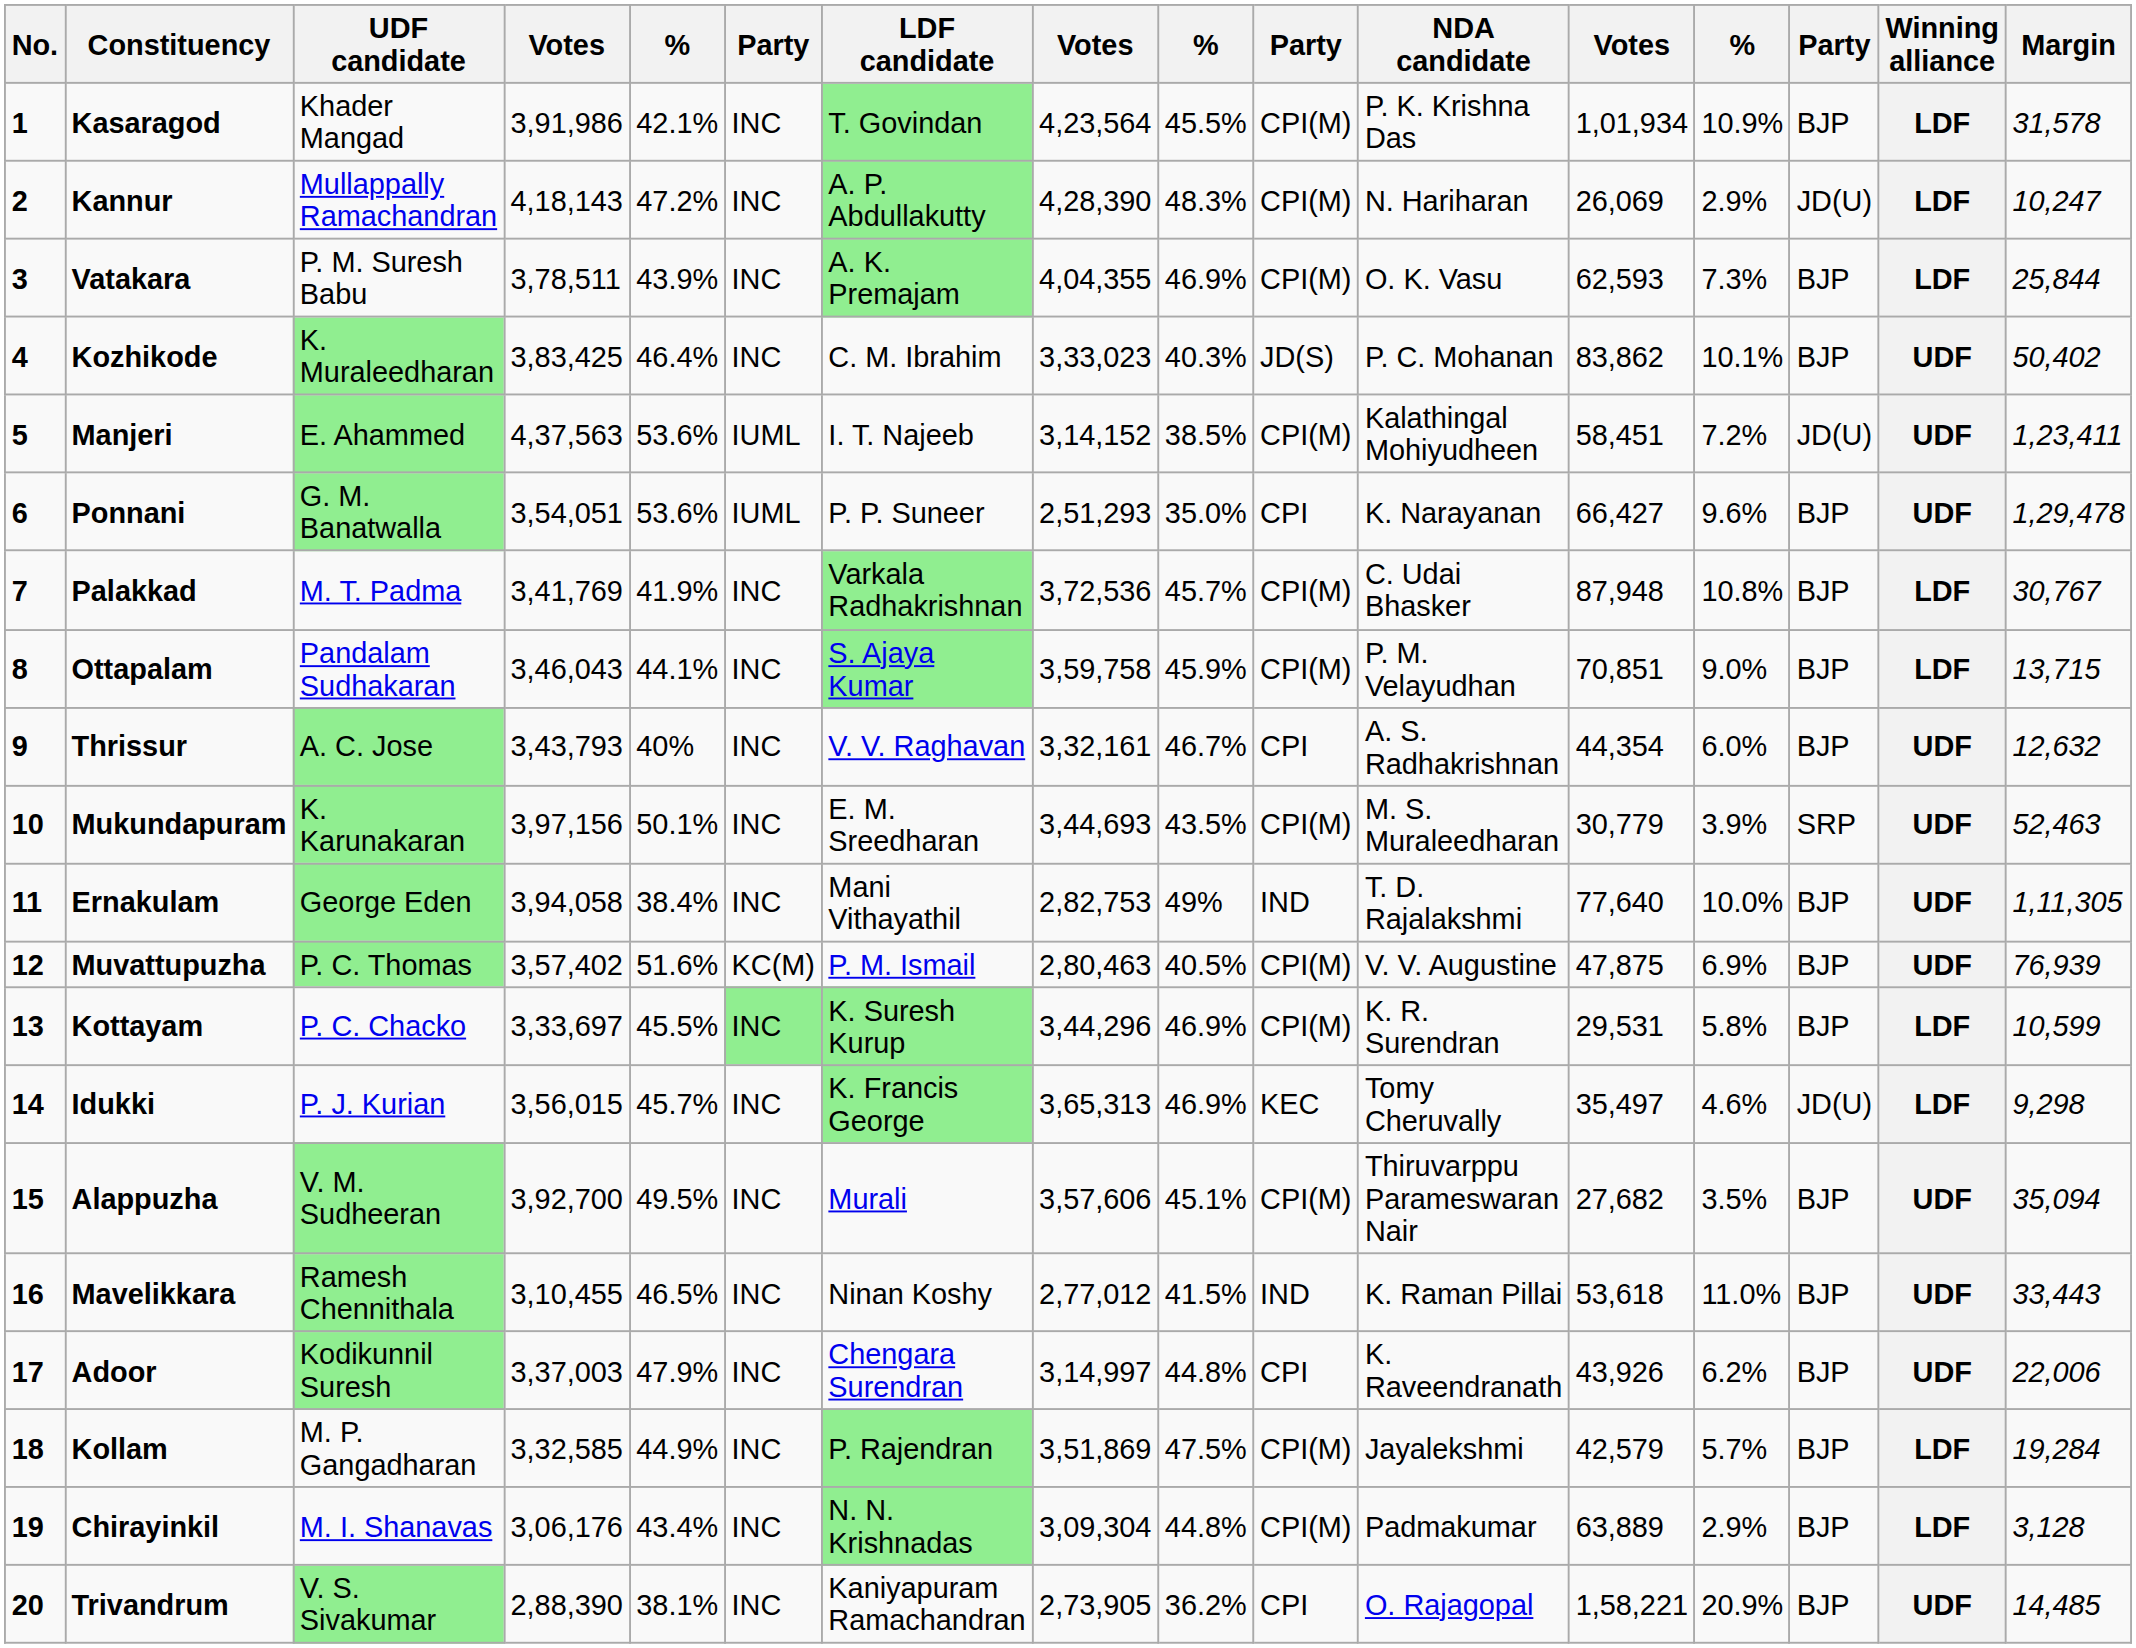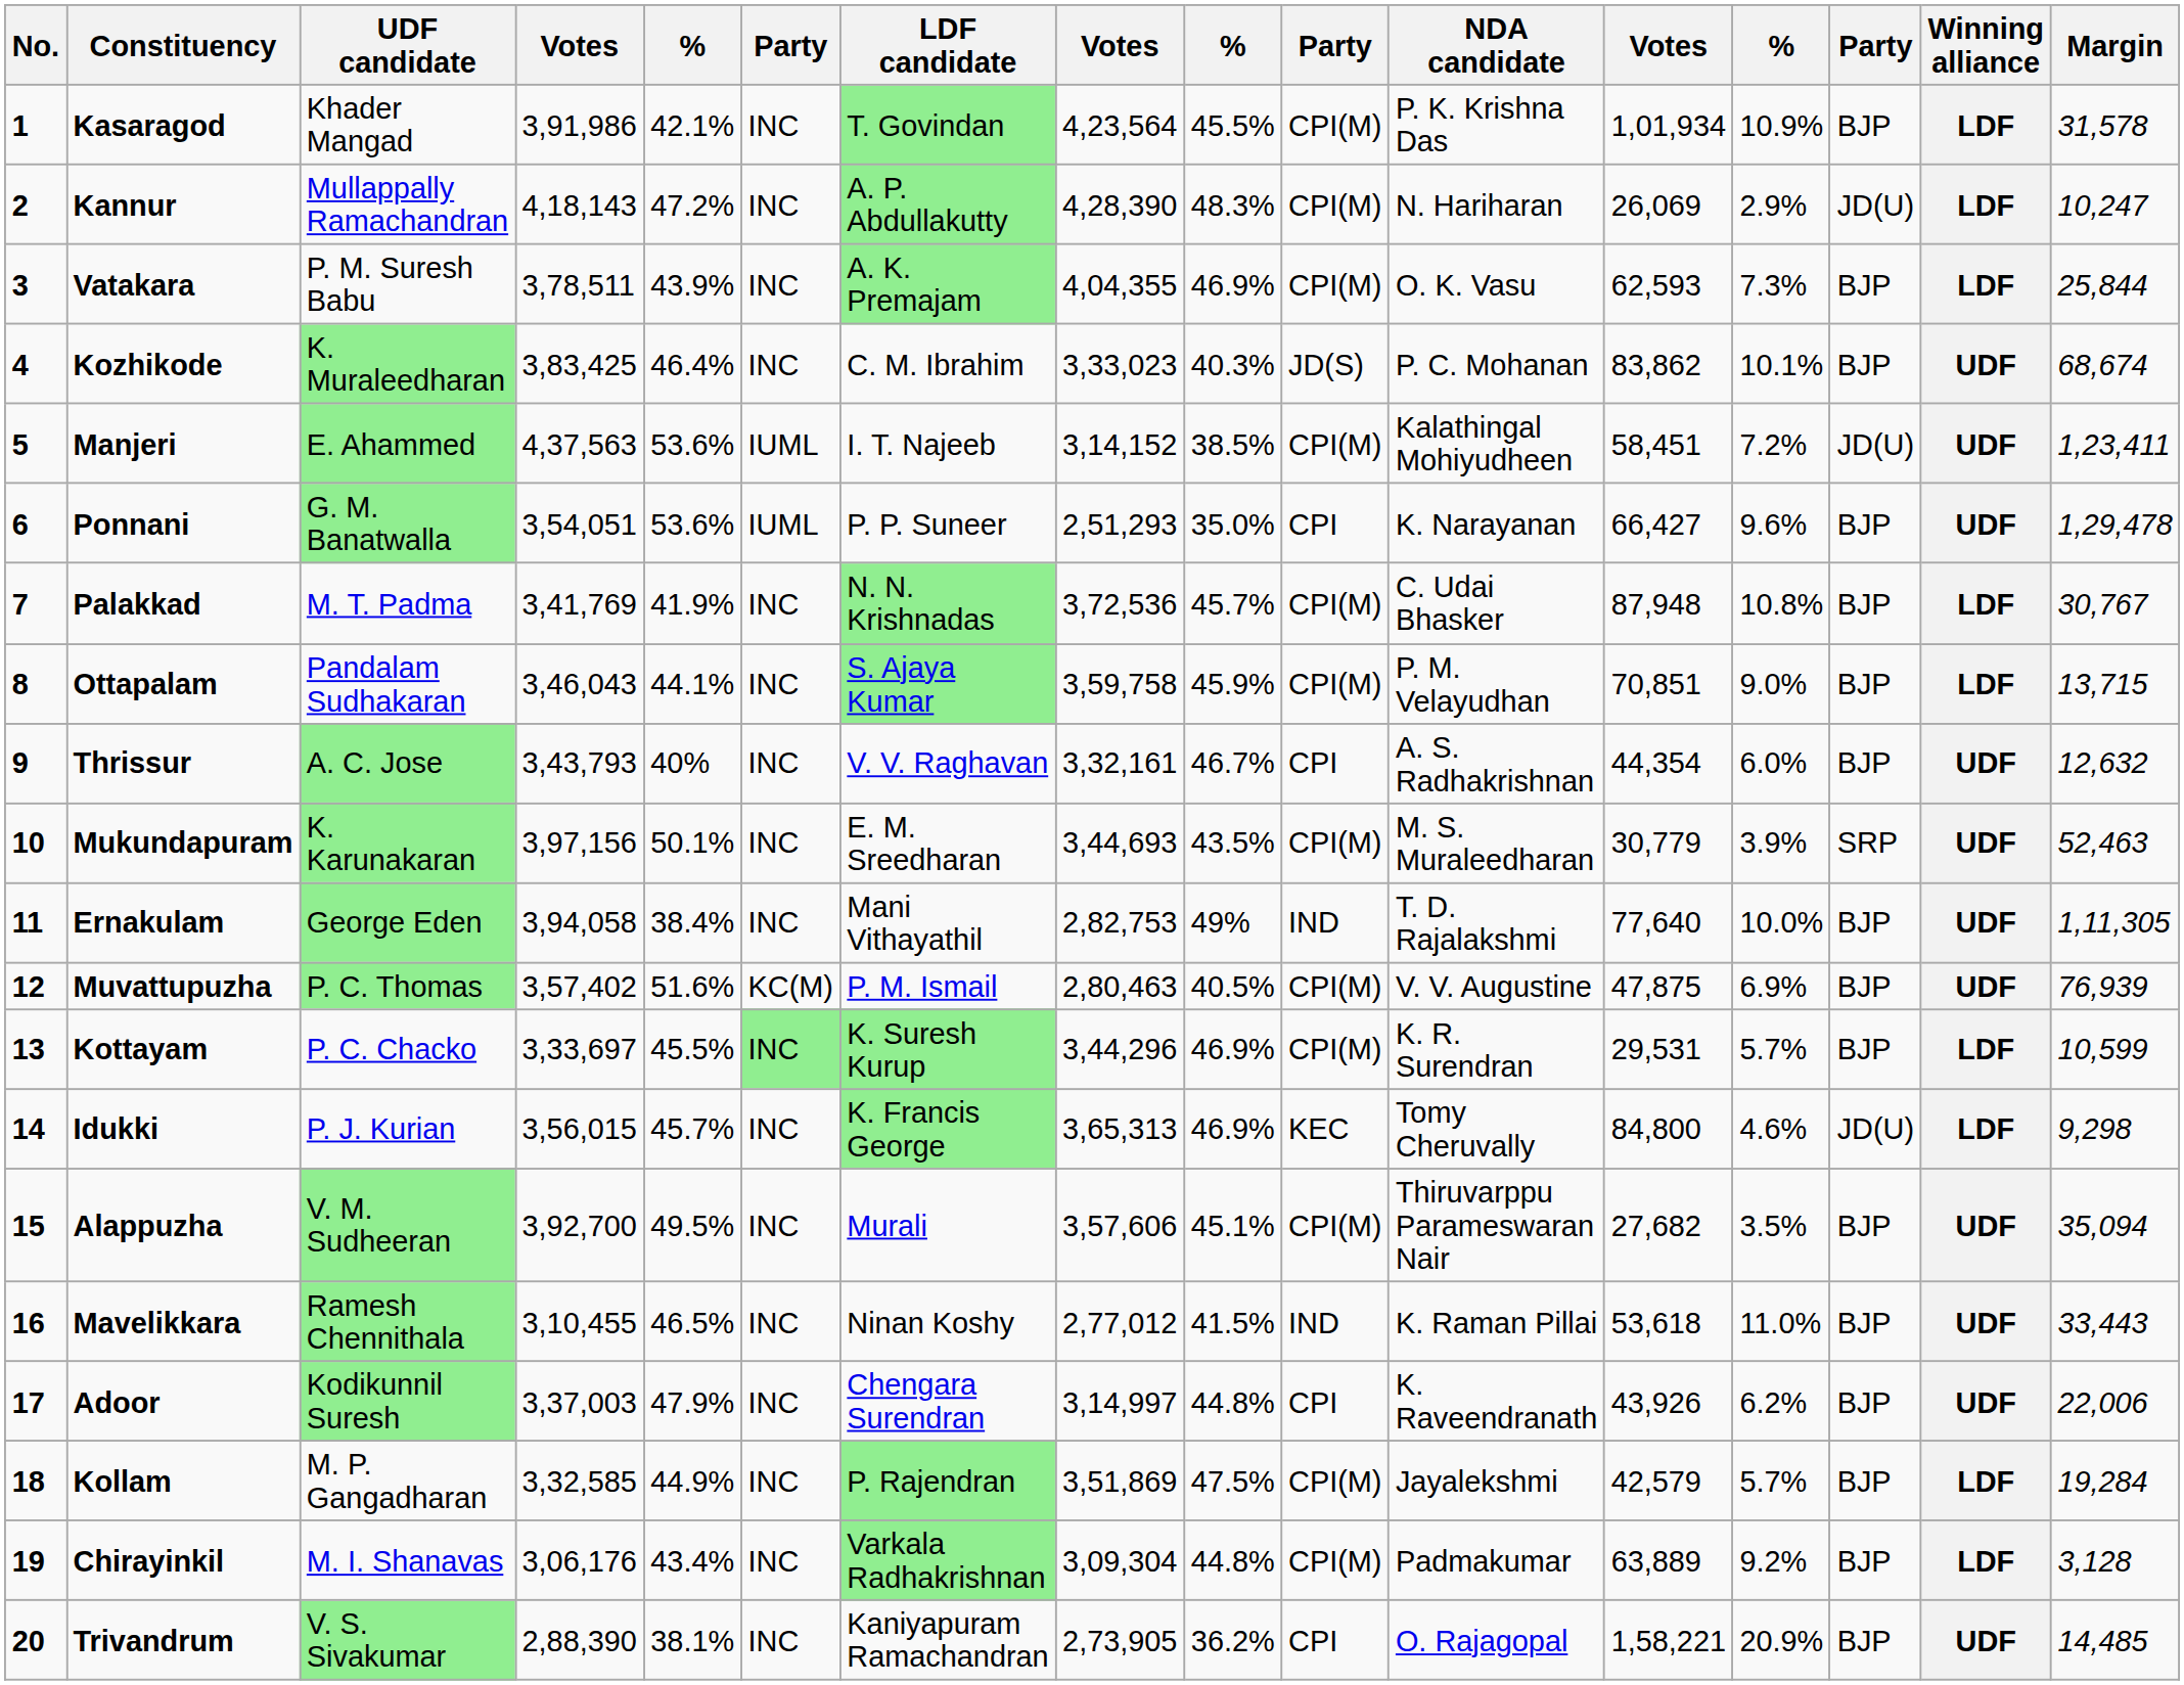 <table class="wikitable sortable" style="font-size:95%;">
 <tr>
 <th>No.</th>
 <th>Constituency</th>
 <th>UDF candidate</th>
 <th>Votes</th>
 <th>%</th>
 <th>Party</th>
 <th>LDF candidate</th>
 <th>Votes</th>
 <th>%</th>
 <th>Party</th>
 <th>NDA candidate</th>
 <th>Votes</th>
 <th>%</th>
 <th>Party</th>
 <th>Winning alliance</th>
 <th>Margin</th>
 </tr>
 <tr>
 <td><strong>1</strong></td>
 <td><strong>Kasaragod</strong></td>
 <td>Khader Mangad</td>
 <td>3,91,986</td>
 <td>42.1%</td>
 <td>INC</td>
 <td style="background:lightgreen;">T. Govindan</td>
 <td>4,23,564</td>
 <td>45.5%</td>
 <td>CPI(M)</td>
 <td>P. K. Krishna Das</td>
 <td>1,01,934</td>
 <td>10.9%</td>
 <td>BJP</td>
 <th style="background:">LDF</th>
 <td><em>31,578</em></td>
 </tr>
 <tr>
 <td><strong>2</strong></td>
 <td><strong>Kannur</strong></td>
 <td><a href='#'>Mullappally Ramachandran</a></td>
 <td>4,18,143</td>
 <td>47.2%</td>
 <td>INC</td>
 <td style="background:lightgreen;">A. P. Abdullakutty</td>
 <td>4,28,390</td>
 <td>48.3%</td>
 <td>CPI(M)</td>
 <td>N. Hariharan</td>
 <td>26,069</td>
 <td>2.9%</td>
 <td>JD(U)</td>
 <th style="background:">LDF</th>
 <td><em>10,247</em></td>
 </tr>
 <tr>
 <td><strong>3</strong></td>
 <td><strong>Vatakara</strong></td>
 <td>P. M. Suresh Babu</td>
 <td>3,78,511</td>
 <td>43.9%</td>
 <td>INC</td>
 <td style="background:lightgreen;">A. K. Premajam</td>
 <td>4,04,355</td>
 <td>46.9%</td>
 <td>CPI(M)</td>
 <td>O. K. Vasu</td>
 <td>62,593</td>
 <td>7.3%</td>
 <td>BJP</td>
 <th style="background:">LDF</th>
 <td><em>25,844</em></td>
 </tr>
 <tr>
 <td><strong>4</strong></td>
 <td><strong>Kozhikode</strong></td>
 <td style="background:lightgreen;">K. Muraleedharan</td>
 <td>3,83,425</td>
 <td>46.4%</td>
 <td>INC</td>
 <td>C. M. Ibrahim</td>
 <td>3,33,023</td>
 <td>40.3%</td>
 <td>JD(S)</td>
 <td>P. C. Mohanan</td>
 <td>83,862</td>
 <td>10.1%</td>
 <td>BJP</td>
 <th style="background:">UDF</th>
-<td><em>50,402</em></td>
+<td><em>68,674</em></td>
 </tr>
 <tr>
 <td><strong>5</strong></td>
 <td><strong>Manjeri</strong></td>
 <td style="background:lightgreen;">E. Ahammed</td>
 <td>4,37,563</td>
 <td>53.6%</td>
 <td>IUML</td>
 <td>I. T. Najeeb</td>
 <td>3,14,152</td>
 <td>38.5%</td>
 <td>CPI(M)</td>
 <td>Kalathingal Mohiyudheen</td>
 <td>58,451</td>
 <td>7.2%</td>
 <td>JD(U)</td>
 <th style="background:">UDF</th>
 <td><em>1,23,411</em></td>
 </tr>
 <tr>
 <td><strong>6</strong></td>
 <td><strong>Ponnani</strong></td>
 <td style="background:lightgreen;">G. M. Banatwalla</td>
 <td>3,54,051</td>
 <td>53.6%</td>
 <td>IUML</td>
 <td>P. P. Suneer</td>
 <td>2,51,293</td>
 <td>35.0%</td>
 <td>CPI</td>
 <td>K. Narayanan</td>
 <td>66,427</td>
 <td>9.6%</td>
 <td>BJP</td>
 <th style="background:">UDF</th>
 <td><em>1,29,478</em></td>
 </tr>
 <tr>
 <td><strong>7</strong></td>
 <td><strong>Palakkad</strong></td>
 <td><a href='#'>M. T. Padma</a></td>
 <td>3,41,769</td>
 <td>41.9%</td>
 <td>INC</td>
-<td style="background:lightgreen;">Varkala Radhakrishnan</td>
+<td style="background:lightgreen;">N. N. Krishnadas</td>
 <td>3,72,536</td>
 <td>45.7%</td>
 <td>CPI(M)</td>
 <td>C. Udai Bhasker</td>
 <td>87,948</td>
 <td>10.8%</td>
 <td>BJP</td>
 <th style="background:">LDF</th>
 <td><em>30,767</em></td>
 </tr>
 <tr>
 <td><strong>8</strong></td>
 <td><strong>Ottapalam</strong></td>
 <td><a href='#'>Pandalam Sudhakaran</a></td>
 <td>3,46,043</td>
 <td>44.1%</td>
 <td>INC</td>
 <td style="background:lightgreen;"><a href='#'>S. Ajaya Kumar</a></td>
 <td>3,59,758</td>
 <td>45.9%</td>
 <td>CPI(M)</td>
 <td>P. M. Velayudhan</td>
 <td>70,851</td>
 <td>9.0%</td>
 <td>BJP</td>
 <th style="background:">LDF</th>
 <td><em>13,715</em></td>
 </tr>
 <tr>
 <td><strong>9</strong></td>
 <td><strong>Thrissur</strong></td>
 <td style="background:lightgreen;">A. C. Jose</td>
 <td>3,43,793</td>
 <td>40%</td>
 <td>INC</td>
 <td><a href='#'>V. V. Raghavan</a></td>
 <td>3,32,161</td>
 <td>46.7%</td>
 <td>CPI</td>
 <td>A. S. Radhakrishnan</td>
 <td>44,354</td>
 <td>6.0%</td>
 <td>BJP</td>
 <th style="background:">UDF</th>
 <td><em>12,632</em></td>
 </tr>
 <tr>
 <td><strong>10</strong></td>
 <td><strong>Mukundapuram</strong></td>
 <td style="background:lightgreen;">K. Karunakaran</td>
 <td>3,97,156</td>
 <td>50.1%</td>
 <td>INC</td>
 <td>E. M. Sreedharan</td>
 <td>3,44,693</td>
 <td>43.5%</td>
 <td>CPI(M)</td>
 <td>M. S. Muraleedharan</td>
 <td>30,779</td>
 <td>3.9%</td>
 <td>SRP</td>
 <th style="background:">UDF</th>
 <td><em>52,463</em></td>
 </tr>
 <tr>
 <td><strong>11</strong></td>
 <td><strong>Ernakulam</strong></td>
 <td style="background:lightgreen;">George Eden</td>
 <td>3,94,058</td>
 <td>38.4%</td>
 <td>INC</td>
 <td>Mani Vithayathil</td>
 <td>2,82,753</td>
 <td>49%</td>
 <td>IND</td>
 <td>T. D. Rajalakshmi</td>
 <td>77,640</td>
 <td>10.0%</td>
 <td>BJP</td>
 <th style="background:">UDF</th>
 <td><em>1,11,305</em></td>
 </tr>
 <tr>
 <td><strong>12</strong></td>
 <td><strong>Muvattupuzha</strong></td>
 <td style="background:lightgreen;">P. C. Thomas</td>
 <td>3,57,402</td>
 <td>51.6%</td>
 <td>KC(M)</td>
 <td><a href='#'>P. M. Ismail</a></td>
 <td>2,80,463</td>
 <td>40.5%</td>
 <td>CPI(M)</td>
 <td>V. V. Augustine</td>
 <td>47,875</td>
 <td>6.9%</td>
 <td>BJP</td>
 <th style="background:">UDF</th>
 <td><em>76,939</em></td>
 </tr>
 <tr>
 <td><strong>13</strong></td>
 <td><strong>Kottayam</strong></td>
 <td><a href='#'>P. C. Chacko</a></td>
 <td>3,33,697</td>
 <td>45.5%</td>
 <td style="background: lightgreen;">INC</td>
 <td style="background:lightgreen;">K. Suresh Kurup</td>
 <td>3,44,296</td>
 <td>46.9%</td>
 <td>CPI(M)</td>
 <td>K. R. Surendran</td>
 <td>29,531</td>
-<td>5.8%</td>
+<td>5.7%</td>
 <td>BJP</td>
 <th style="background:">LDF</th>
 <td><em>10,599</em></td>
 </tr>
 <tr>
 <td><strong>14</strong></td>
 <td><strong>Idukki</strong></td>
 <td><a href='#'>P. J. Kurian</a></td>
 <td>3,56,015</td>
 <td>45.7%</td>
 <td>INC</td>
 <td style="background:lightgreen;">K. Francis George</td>
 <td>3,65,313</td>
 <td>46.9%</td>
 <td>KEC</td>
 <td>Tomy Cheruvally</td>
-<td>35,497</td>
+<td>84,800</td>
 <td>4.6%</td>
 <td>JD(U)</td>
 <th style="background:">LDF</th>
 <td><em>9,298</em></td>
 </tr>
 <tr>
 <td><strong>15</strong></td>
 <td><strong>Alappuzha</strong></td>
 <td style="background:lightgreen;">V. M. Sudheeran</td>
 <td>3,92,700</td>
 <td>49.5%</td>
 <td>INC</td>
 <td><a href='#'>Murali</a></td>
 <td>3,57,606</td>
 <td>45.1%</td>
 <td>CPI(M)</td>
 <td>Thiruvarppu Parameswaran Nair</td>
 <td>27,682</td>
 <td>3.5%</td>
 <td>BJP</td>
 <th style="background:">UDF</th>
 <td><em>35,094</em></td>
 </tr>
 <tr>
 <td><strong>16</strong></td>
 <td><strong>Mavelikkara</strong></td>
 <td style="background:lightgreen;">Ramesh Chennithala</td>
 <td>3,10,455</td>
 <td>46.5%</td>
 <td>INC</td>
 <td>Ninan Koshy</td>
 <td>2,77,012</td>
 <td>41.5%</td>
 <td>IND</td>
 <td>K. Raman Pillai</td>
 <td>53,618</td>
 <td>11.0%</td>
 <td>BJP</td>
 <th style="background:">UDF</th>
 <td><em>33,443</em></td>
 </tr>
 <tr>
 <td><strong>17</strong></td>
 <td><strong>Adoor</strong></td>
 <td style="background:lightgreen;">Kodikunnil Suresh</td>
 <td>3,37,003</td>
 <td>47.9%</td>
 <td>INC</td>
 <td><a href='#'>Chengara Surendran</a></td>
 <td>3,14,997</td>
 <td>44.8%</td>
 <td>CPI</td>
 <td>K. Raveendranath</td>
 <td>43,926</td>
 <td>6.2%</td>
 <td>BJP</td>
 <th style="background:">UDF</th>
 <td><em>22,006</em></td>
 </tr>
 <tr>
 <td><strong>18</strong></td>
 <td><strong>Kollam</strong></td>
 <td>M. P. Gangadharan</td>
 <td>3,32,585</td>
 <td>44.9%</td>
 <td>INC</td>
 <td style="background:lightgreen;">P. Rajendran</td>
 <td>3,51,869</td>
 <td>47.5%</td>
 <td>CPI(M)</td>
 <td>Jayalekshmi</td>
 <td>42,579</td>
 <td>5.7%</td>
 <td>BJP</td>
 <th style="background:">LDF</th>
 <td><em>19,284</em></td>
 </tr>
 <tr>
 <td><strong>19</strong></td>
 <td><strong>Chirayinkil</strong></td>
 <td><a href='#'>M. I. Shanavas</a></td>
 <td>3,06,176</td>
 <td>43.4%</td>
 <td>INC</td>
-<td style="background:lightgreen;">N. N. Krishnadas</td>
+<td style="background:lightgreen;">Varkala Radhakrishnan</td>
 <td>3,09,304</td>
 <td>44.8%</td>
 <td>CPI(M)</td>
 <td>Padmakumar</td>
 <td>63,889</td>
-<td>2.9%</td>
+<td>9.2%</td>
 <td>BJP</td>
 <th style="background:">LDF</th>
 <td><em>3,128</em></td>
 </tr>
 <tr>
 <td><strong>20</strong></td>
 <td><strong>Trivandrum</strong></td>
 <td style="background:lightgreen;">V. S. Sivakumar</td>
 <td>2,88,390</td>
 <td>38.1%</td>
 <td>INC</td>
 <td>Kaniyapuram Ramachandran</td>
 <td>2,73,905</td>
 <td>36.2%</td>
 <td>CPI</td>
 <td><a href='#'>O. Rajagopal</a></td>
 <td>1,58,221</td>
 <td>20.9%</td>
 <td>BJP</td>
 <th style="background:">UDF</th>
 <td><em>14,485</em></td>
 </tr>
 </table>
